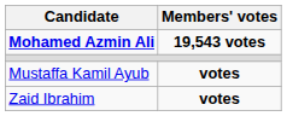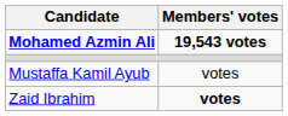 <table class=wikitable style=text-align:center>
 <tr>
 <th>Candidate</th>
 <th>Members' votes</th>
 </tr>
 <tr>
 <td align=left><strong><a href='#'>Mohamed Azmin Ali</a></strong></td>
 <td><strong>19,543 votes</strong></td>
 </tr>
 <tr>
 <td colspan=3 bgcolor=dcdcdc></td>
 </tr>
 <tr>
 <td align=left><a href='#'>Mustaffa Kamil Ayub</a></td>
-<td><strong>votes</strong></td>
+<td>votes</td>
 </tr>
 <tr>
 <td align=left><a href='#'>Zaid Ibrahim</a></td>
 <td><strong>votes</strong></td>
 </tr>
 </table>
